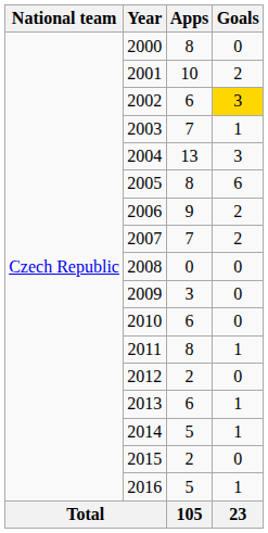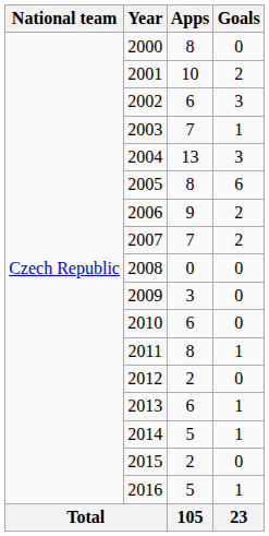 <table class="wikitable" style="text-align:center">
 <tr>
 <th>National team</th>
 <th>Year</th>
 <th>Apps</th>
 <th>Goals</th>
 </tr>
 <tr>
 <td rowspan="17"><a href='#'>Czech Republic</a></td>
 <td>2000</td>
 <td>8</td>
 <td>0</td>
 </tr>
 <tr>
 <td>2001</td>
 <td>10</td>
 <td>2</td>
 </tr>
 <tr>
 <td>2002</td>
 <td>6</td>
-<td style="background: gold;">3</td>
+<td>3</td>
 </tr>
 <tr>
 <td>2003</td>
 <td>7</td>
 <td>1</td>
 </tr>
 <tr>
 <td>2004</td>
 <td>13</td>
 <td>3</td>
 </tr>
 <tr>
 <td>2005</td>
 <td>8</td>
 <td>6</td>
 </tr>
 <tr>
 <td>2006</td>
 <td>9</td>
 <td>2</td>
 </tr>
 <tr>
 <td>2007</td>
 <td>7</td>
 <td>2</td>
 </tr>
 <tr>
 <td>2008</td>
 <td>0</td>
 <td>0</td>
 </tr>
 <tr>
 <td>2009</td>
 <td>3</td>
 <td>0</td>
 </tr>
 <tr>
 <td>2010</td>
 <td>6</td>
 <td>0</td>
 </tr>
 <tr>
 <td>2011</td>
 <td>8</td>
 <td>1</td>
 </tr>
 <tr>
 <td>2012</td>
 <td>2</td>
 <td>0</td>
 </tr>
 <tr>
 <td>2013</td>
 <td>6</td>
 <td>1</td>
 </tr>
 <tr>
 <td>2014</td>
 <td>5</td>
 <td>1</td>
 </tr>
 <tr>
 <td>2015</td>
 <td>2</td>
 <td>0</td>
 </tr>
 <tr>
 <td>2016</td>
 <td>5</td>
 <td>1</td>
 </tr>
 <tr>
 <th colspan="2">Total</th>
 <th>105</th>
 <th>23</th>
 </tr>
 </table>
